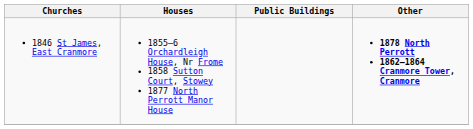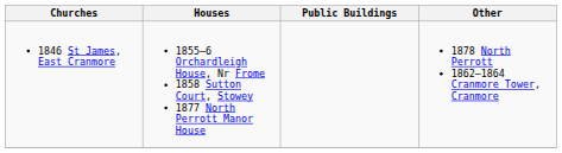 <table class="wikitable">
 <tr>
 <th width="175">Churches</th>
 <th width="175">Houses</th>
 <th width="175">Public Buildings</th>
 <th width="175">Other</th>
 </tr>
 <tr valign="top">
 <td><br><ul><li>1846 <a href='#'>St James</a>, <a href='#'>East Cranmore</a></li></ul></td>
 <td><br><ul><li>1855–6 <a href='#'>Orchardleigh House</a>, Nr <a href='#'>Frome</a></li><li>1858 <a href='#'>Sutton Court</a>, <a href='#'>Stowey</a></li><li>1877 <a href='#'>North Perrott Manor House</a></li></ul></td>
 <td></td>
-<td><strong><br><ul><li>1878 <a href='#'>North Perrott</a></li><li>1862–1864 <a href='#'>Cranmore Tower</a>, <a href='#'>Cranmore</a></li></ul></strong></td>
+<td><br><ul><li>1878 <a href='#'>North Perrott</a></li><li>1862–1864 <a href='#'>Cranmore Tower</a>, <a href='#'>Cranmore</a></li></ul></td>
 </tr>
 <tr>
 </tr>
 </table>
